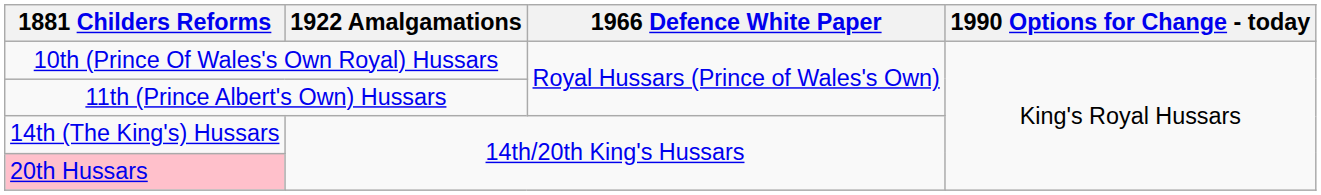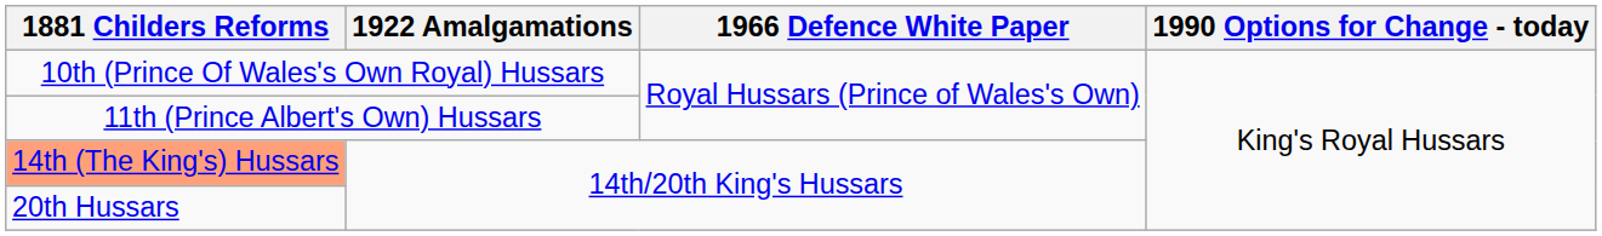 <table class="wikitable">
 <tr>
 <th>1881 <a href='#'>Childers Reforms</a></th>
 <th>1922 Amalgamations</th>
 <th>1966 <a href='#'>Defence White Paper</a></th>
 <th>1990 <a href='#'>Options for Change</a> - today</th>
 </tr>
 <tr>
 <td rowspan="1" colspan="2" style="text-align: center;"><a href='#'>10th (Prince Of Wales's Own Royal) Hussars</a></td>
 <td rowspan="2" colspan="1" style="text-align: center;"><a href='#'>Royal Hussars (Prince of Wales's Own)</a></td>
 <td rowspan="4" colspan="1" style="text-align: center;">King's Royal Hussars</td>
 </tr>
 <tr>
 <td rowspan="1" colspan="2" style="text-align: center;"><a href='#'>11th (Prince Albert's Own) Hussars</a></td>
 </tr>
 <tr>
-<td><a href='#'>14th (The King's) Hussars</a></td>
+<td style="background: lightsalmon;"><a href='#'>14th (The King's) Hussars</a></td>
 <td rowspan="2" colspan="2" style="text-align: center;"><a href='#'>14th/20th King's Hussars</a></td>
 </tr>
 <tr>
-<td style="background: pink;"><a href='#'>20th Hussars</a></td>
+<td><a href='#'>20th Hussars</a></td>
 </tr>
 </table>
